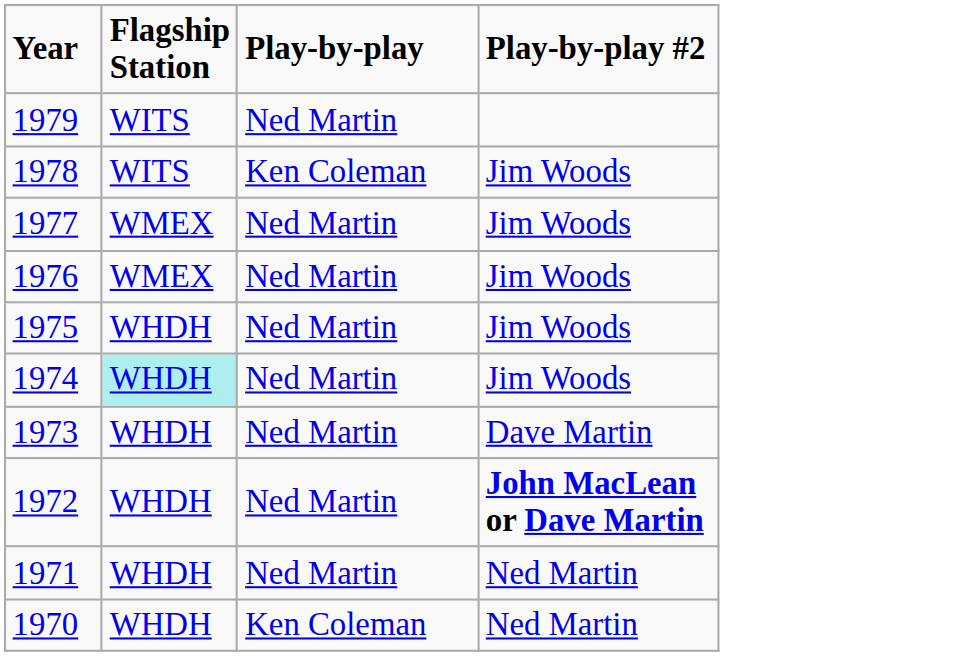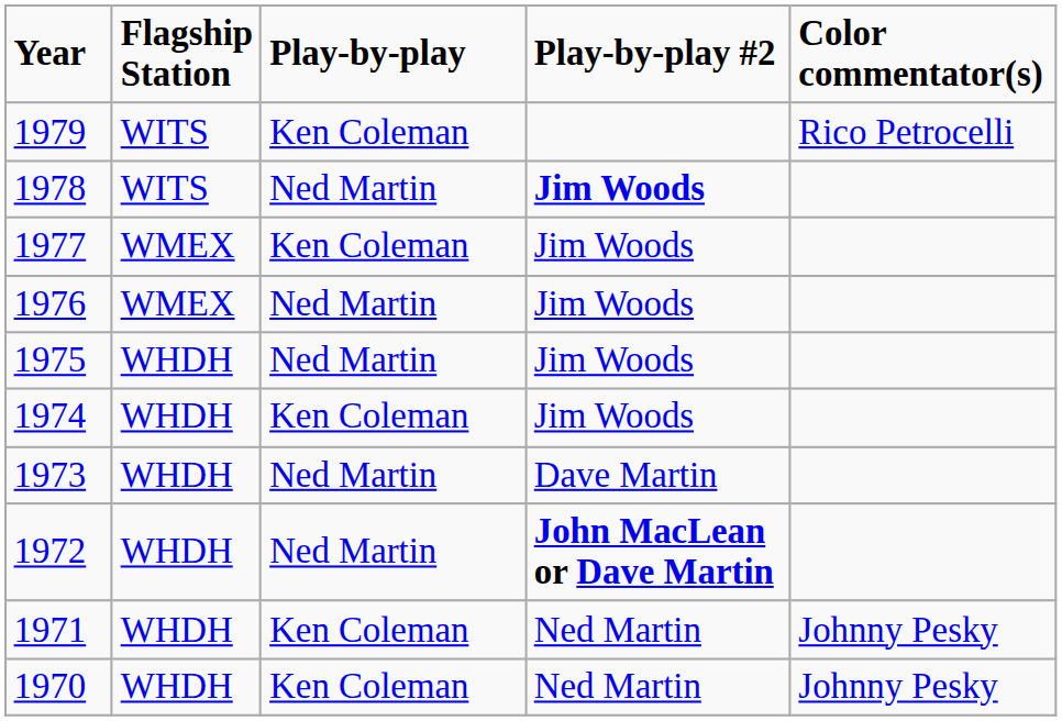 <table class="wikitable">
 <tr>
 <td width="40"><strong>Year</strong></td>
 <td width="40"><strong>Flagship Station</strong></td>
 <td width="110"><strong>Play-by-play</strong></td>
 <td width="110"><strong>Play-by-play #2</strong></td>
+<td width="110"><strong>Color commentator(s)</strong></td>
 </tr>
 <tr>
 <td><a href='#'>1979</a></td>
 <td><a href='#'>WITS</a></td>
-<td><a href='#'>Ned Martin</a></td>
+<td><a href='#'>Ken Coleman</a></td>
 <td></td>
+<td><a href='#'>Rico Petrocelli</a></td>
 </tr>
 <tr>
 <td><a href='#'>1978</a></td>
 <td><a href='#'>WITS</a></td>
-<td><a href='#'>Ken Coleman</a></td>
-<td><a href='#'>Jim Woods</a></td>
+<td><a href='#'>Ned Martin</a></td>
+<td><strong><a href='#'>Jim Woods</a></strong></td>
+<td></td>
 </tr>
 <tr>
 <td><a href='#'>1977</a></td>
 <td><a href='#'>WMEX</a></td>
-<td><a href='#'>Ned Martin</a></td>
+<td><a href='#'>Ken Coleman</a></td>
 <td><a href='#'>Jim Woods</a></td>
+<td></td>
 </tr>
 <tr>
 <td><a href='#'>1976</a></td>
 <td><a href='#'>WMEX</a></td>
 <td><a href='#'>Ned Martin</a></td>
 <td><a href='#'>Jim Woods</a></td>
+<td></td>
 </tr>
 <tr>
 <td><a href='#'>1975</a></td>
 <td><a href='#'>WHDH</a></td>
 <td><a href='#'>Ned Martin</a></td>
 <td><a href='#'>Jim Woods</a></td>
+<td></td>
 </tr>
 <tr>
 <td><a href='#'>1974</a></td>
-<td style="background: paleturquoise;"><a href='#'>WHDH</a></td>
-<td><a href='#'>Ned Martin</a></td>
+<td><a href='#'>WHDH</a></td>
+<td><a href='#'>Ken Coleman</a></td>
 <td><a href='#'>Jim Woods</a></td>
+<td></td>
 </tr>
 <tr>
 <td><a href='#'>1973</a></td>
 <td><a href='#'>WHDH</a></td>
 <td><a href='#'>Ned Martin</a></td>
 <td><a href='#'>Dave Martin</a></td>
+<td></td>
 </tr>
 <tr>
 <td><a href='#'>1972</a></td>
 <td><a href='#'>WHDH</a></td>
 <td><a href='#'>Ned Martin</a></td>
 <td><strong><a href='#'>John MacLean</a> or <a href='#'>Dave Martin</a></strong></td>
+<td></td>
 </tr>
 <tr>
 <td><a href='#'>1971</a></td>
 <td><a href='#'>WHDH</a></td>
+<td><a href='#'>Ken Coleman</a></td>
 <td><a href='#'>Ned Martin</a></td>
-<td><a href='#'>Ned Martin</a></td>
+<td><a href='#'>Johnny Pesky</a></td>
 </tr>
 <tr>
 <td><a href='#'>1970</a></td>
 <td><a href='#'>WHDH</a></td>
 <td><a href='#'>Ken Coleman</a></td>
 <td><a href='#'>Ned Martin</a></td>
+<td><a href='#'>Johnny Pesky</a></td>
 </tr>
 </table>
